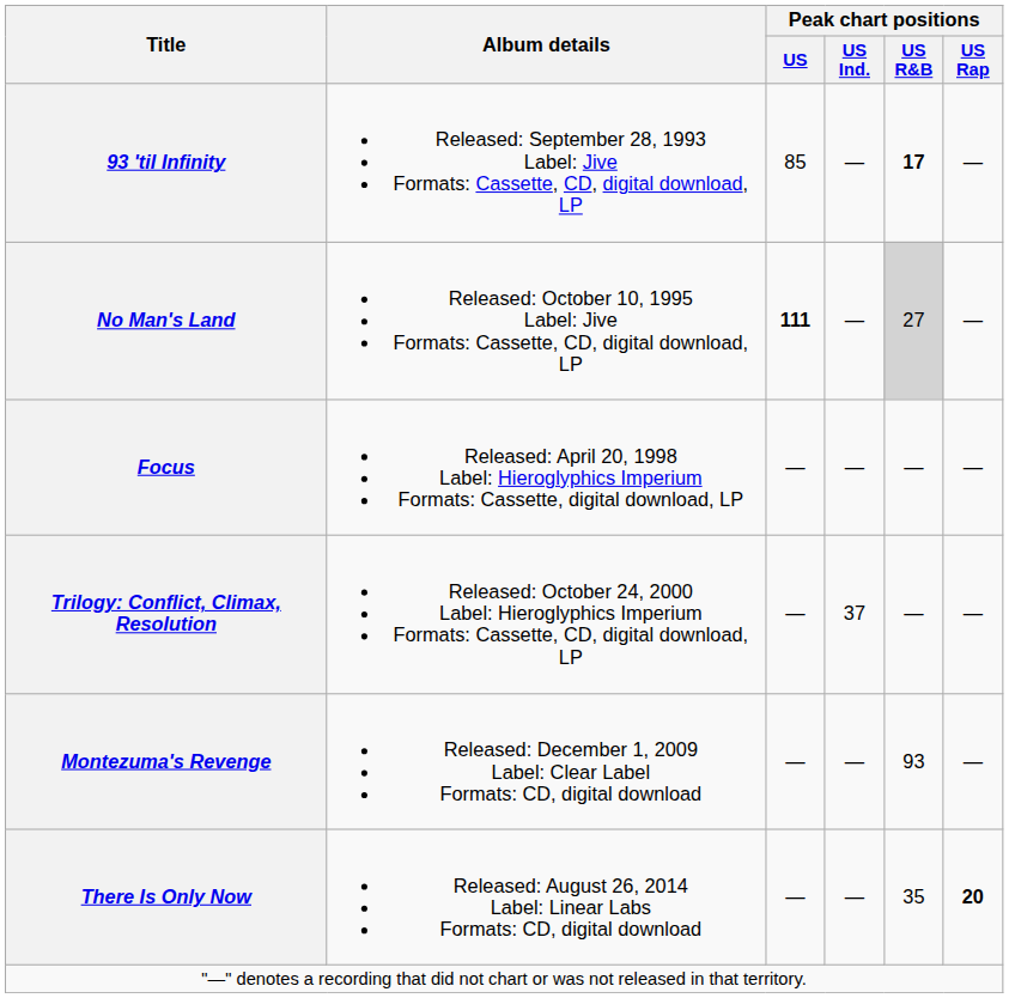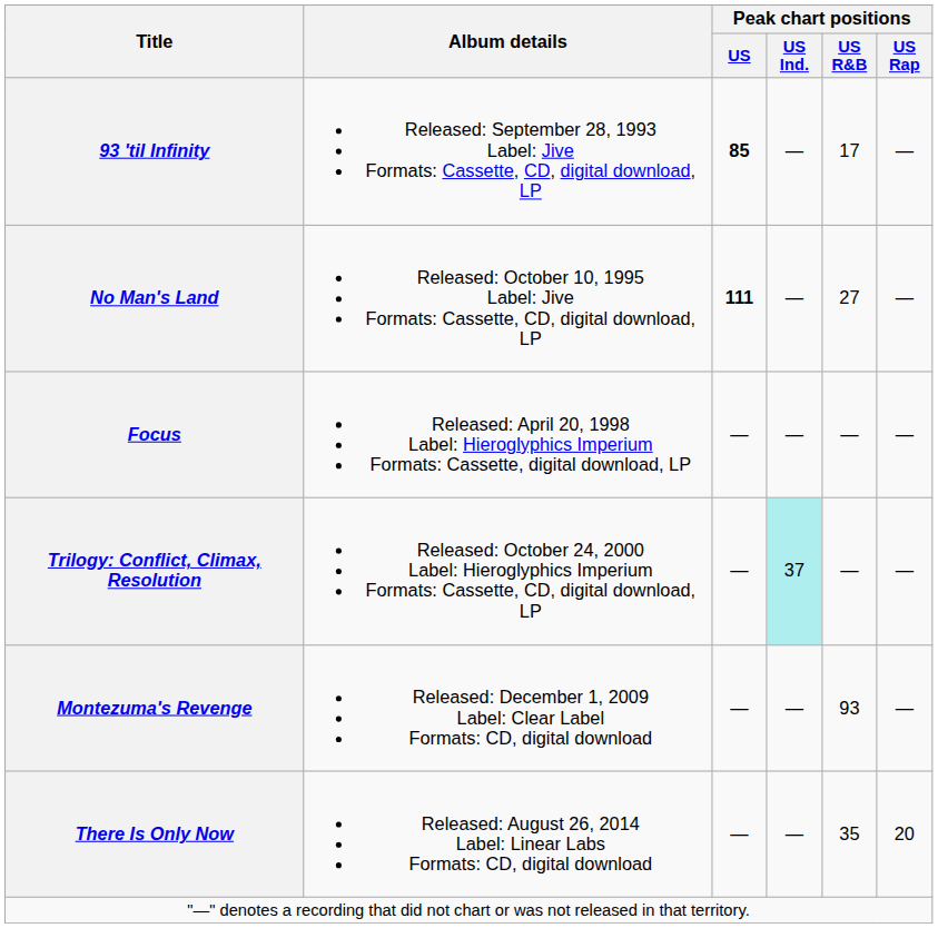 <table class="wikitable plainrowheaders" style="text-align:center;">
 <tr>
 <th scope="col" rowspan="2" style="width:16em;">Title</th>
 <th scope="col" rowspan="2" style="width:22em;">Album details</th>
 <th scope="col" colspan="4">Peak chart positions</th>
 </tr>
 <tr>
 <th scope="col" style="width:2.9em;font-size:90%;"><a href='#'>US</a><br></th>
 <th scope="col" style="width:2.9em;font-size:90%;"><a href='#'>US<br>Ind.</a><br></th>
 <th scope="col" style="width:2.9em;font-size:90%;"><a href='#'>US<br>R&B</a><br></th>
 <th scope="col" style="width:2.9em;font-size:90%;"><a href='#'>US<br>Rap</a><br></th>
 </tr>
 <tr>
 <th scope="row"><em><a href='#'>93 'til Infinity</a></em></th>
 <td><br><ul><li>Released: September 28, 1993</li><li>Label: <a href='#'>Jive</a></li><li>Formats: <a href='#'>Cassette</a>, <a href='#'>CD</a>, <a href='#'>digital download</a>, <a href='#'>LP</a></li></ul></td>
-<td>85</td>
+<td><strong>85</strong></td>
 <td>—</td>
-<td><strong>17</strong></td>
+<td>17</td>
 <td>—</td>
 </tr>
 <tr>
 <th scope="row"><em><a href='#'>No Man's Land</a></em></th>
 <td><br><ul><li>Released: October 10, 1995</li><li>Label: Jive</li><li>Formats: Cassette, CD, digital download, LP</li></ul></td>
 <td><strong>111</strong></td>
 <td>—</td>
-<td style="background: lightgrey;">27</td>
+<td>27</td>
 <td>—</td>
 </tr>
 <tr>
 <th scope="row"><em><a href='#'>Focus</a></em></th>
 <td><br><ul><li>Released: April 20, 1998</li><li>Label: <a href='#'>Hieroglyphics Imperium</a></li><li>Formats: Cassette, digital download, LP</li></ul></td>
 <td>—</td>
 <td>—</td>
 <td>—</td>
 <td>—</td>
 </tr>
 <tr>
 <th scope="row"><em><a href='#'>Trilogy: Conflict, Climax, Resolution</a></em></th>
 <td><br><ul><li>Released: October 24, 2000</li><li>Label: Hieroglyphics Imperium</li><li>Formats: Cassette, CD, digital download, LP</li></ul></td>
 <td>—</td>
-<td>37</td>
+<td style="background: paleturquoise;">37</td>
 <td>—</td>
 <td>—</td>
 </tr>
 <tr>
 <th scope="row"><em><a href='#'>Montezuma's Revenge</a></em></th>
 <td><br><ul><li>Released: December 1, 2009</li><li>Label: Clear Label</li><li>Formats: CD, digital download</li></ul></td>
 <td>—</td>
 <td>—</td>
 <td>93</td>
 <td>—</td>
 </tr>
 <tr>
 <th scope="row"><em><a href='#'>There Is Only Now</a></em></th>
 <td><br><ul><li>Released: August 26, 2014</li><li>Label: Linear Labs</li><li>Formats: CD, digital download</li></ul></td>
 <td>—</td>
 <td>—</td>
 <td>35</td>
-<td><strong>20</strong></td>
+<td>20</td>
 </tr>
 <tr>
 <td colspan="14" style="font-size:90%">"—" denotes a recording that did not chart or was not released in that territory.</td>
 </tr>
 </table>
